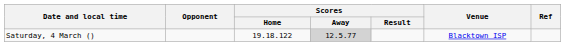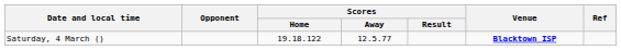 <table class="wikitable plainrowheaders" style="font-size:90%; width:100%; text-align:center;">
 <tr>
 <th rowspan="2" scope="col">Date and local time</th>
 <th rowspan="2" scope="col">Opponent</th>
 <th colspan="3" scope="col">Scores</th>
 <th rowspan="2" scope="col">Venue</th>
 <th rowspan="2" scope="col">Ref</th>
 </tr>
 <tr>
 <th scope="col">Home</th>
 <th scope="col">Away</th>
 <th scope="col">Result</th>
 </tr>
 <tr>
 <td align="left">Saturday, 4 March ()</td>
 <td align="left"></td>
 <td>19.18.122</td>
-<td style="background: lightgrey;">12.5.77</td>
+<td>12.5.77</td>
 <td></td>
-<td><a href='#'>Blacktown ISP</a></td>
+<td><strong><a href='#'>Blacktown ISP</a></strong></td>
 <td></td>
 </tr>
 </table>
